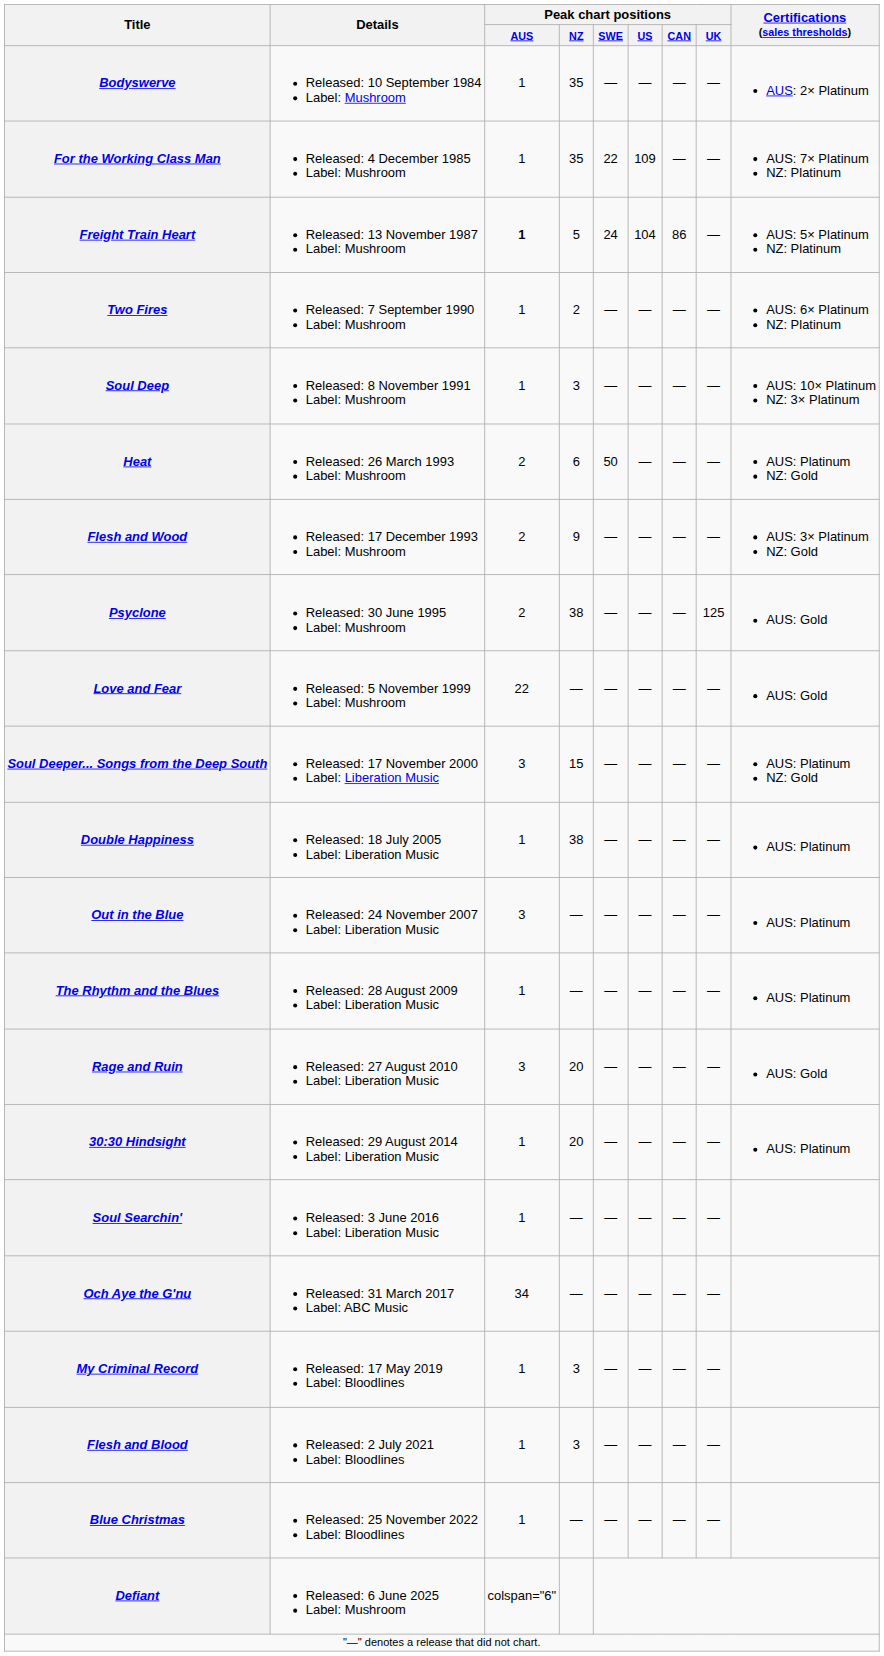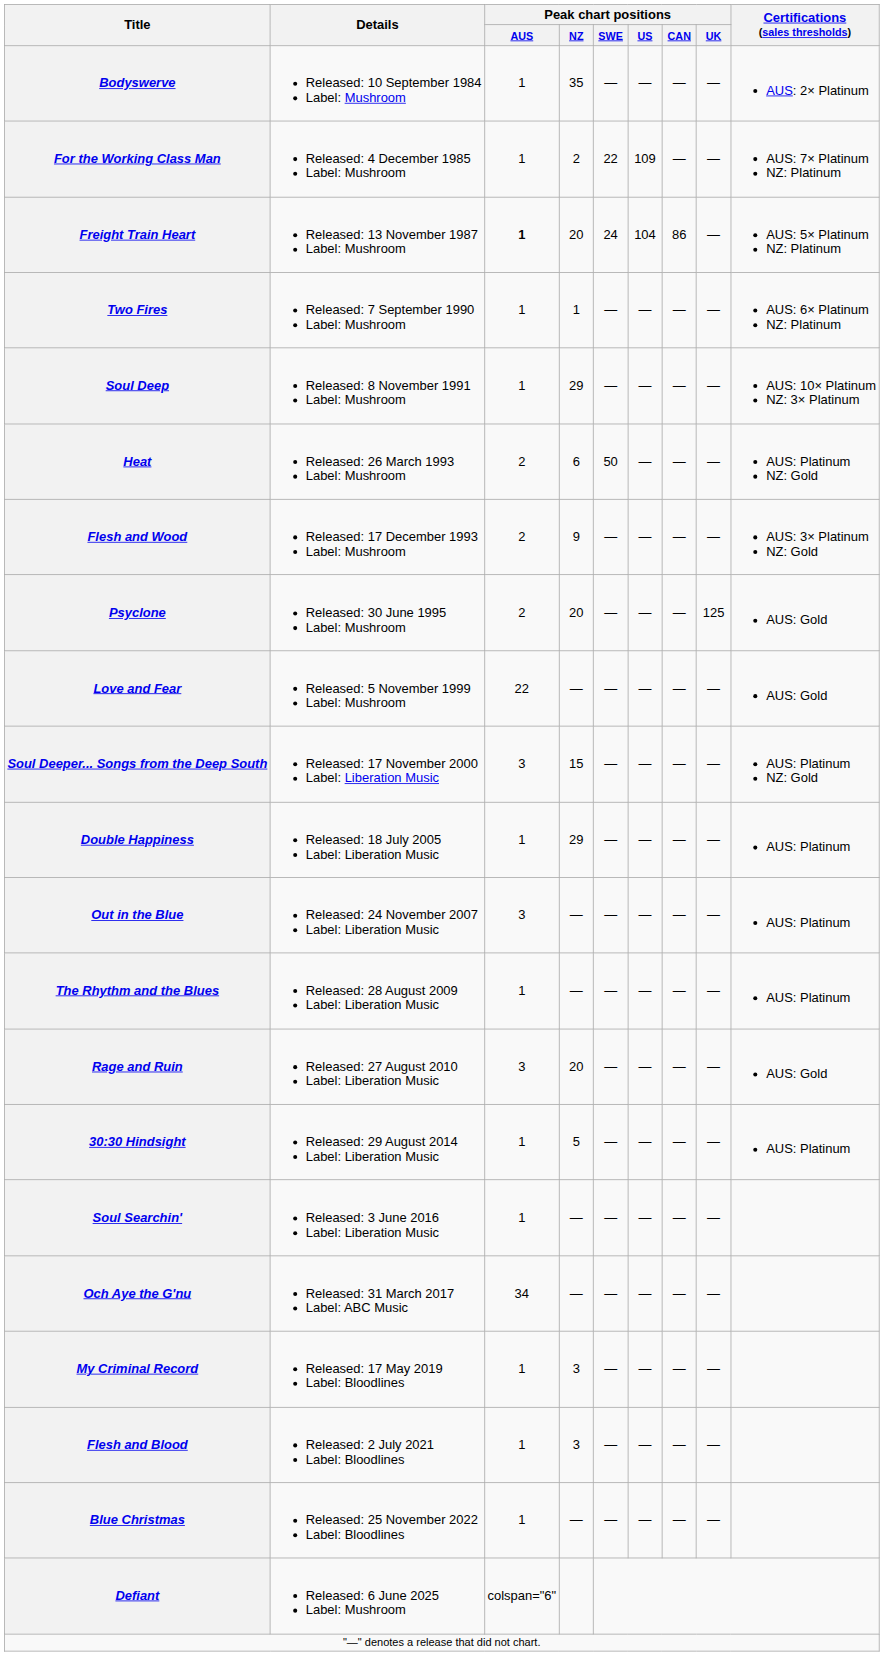 <table class="wikitable plainrowheaders">
 <tr>
 <th scope="col" rowspan="2">Title</th>
 <th scope="col" rowspan="2">Details</th>
 <th scope="col" colspan="6">Peak chart positions</th>
 <th scope="col" rowspan="2"><a href='#'>Certifications</a><br><small>(<a href='#'>sales thresholds</a>)</small></th>
 </tr>
 <tr>
 <th scope="col" width="35"><small><a href='#'>AUS</a></small><br></th>
 <th scope="col" width="35"><small><a href='#'>NZ</a></small><br></th>
 <th scope="col" width="35"><small><a href='#'>SWE</a></small><br></th>
 <th scope="col" width="35"><small><a href='#'>US</a></small><br></th>
 <th scope="col" width="35"><small><a href='#'>CAN</a></small><br></th>
 <th scope="col" width="35"><small><a href='#'>UK</a></small><br></th>
 </tr>
 <tr>
 <th scope="row"><em><a href='#'>Bodyswerve</a></em></th>
 <td><br><ul><li>Released: 10 September 1984</li><li>Label: <a href='#'>Mushroom</a></li></ul></td>
 <td align="center">1</td>
 <td align="center">35</td>
 <td align="center">—</td>
 <td align="center">—</td>
 <td align="center">—</td>
 <td align="center">—</td>
 <td><br><ul><li><a href='#'>AUS</a>: 2× Platinum</li></ul></td>
 </tr>
 <tr>
 <th scope="row"><em><a href='#'>For the Working Class Man</a></em></th>
 <td><br><ul><li>Released: 4 December 1985</li><li>Label: Mushroom</li></ul></td>
 <td align="center">1</td>
-<td align="center">35</td>
+<td align="center">2</td>
 <td align="center">22</td>
 <td align="center">109</td>
 <td align="center">—</td>
 <td align="center">—</td>
 <td><br><ul><li>AUS: 7× Platinum</li><li>NZ: Platinum</li></ul></td>
 </tr>
 <tr>
 <th scope="row"><em><a href='#'>Freight Train Heart</a></em></th>
 <td><br><ul><li>Released: 13 November 1987</li><li>Label: Mushroom</li></ul></td>
 <td align="center"><strong>1</strong></td>
-<td align="center">5</td>
+<td align="center">20</td>
 <td align="center">24</td>
 <td align="center">104</td>
 <td align="center">86</td>
 <td align="center">—</td>
 <td><br><ul><li>AUS: 5× Platinum</li><li>NZ: Platinum</li></ul></td>
 </tr>
 <tr>
 <th scope="row"><em><a href='#'>Two Fires</a></em></th>
 <td><br><ul><li>Released: 7 September 1990</li><li>Label: Mushroom</li></ul></td>
 <td align="center">1</td>
-<td align="center">2</td>
+<td align="center">1</td>
 <td align="center">—</td>
 <td align="center">—</td>
 <td align="center">—</td>
 <td align="center">—</td>
 <td><br><ul><li>AUS: 6× Platinum</li><li>NZ: Platinum</li></ul></td>
 </tr>
 <tr>
 <th scope="row"><em><a href='#'>Soul Deep</a></em></th>
 <td><br><ul><li>Released: 8 November 1991</li><li>Label: Mushroom</li></ul></td>
 <td align="center">1</td>
-<td align="center">3</td>
+<td align="center">29</td>
 <td align="center">—</td>
 <td align="center">—</td>
 <td align="center">—</td>
 <td align="center">—</td>
 <td><br><ul><li>AUS: 10× Platinum</li><li>NZ: 3× Platinum</li></ul></td>
 </tr>
 <tr>
 <th scope="row"><em><a href='#'>Heat</a></em></th>
 <td><br><ul><li>Released: 26 March 1993</li><li>Label: Mushroom</li></ul></td>
 <td align="center">2</td>
 <td align="center">6</td>
 <td align="center">50</td>
 <td align="center">—</td>
 <td align="center">—</td>
 <td align="center">—</td>
 <td><br><ul><li>AUS: Platinum</li><li>NZ: Gold</li></ul></td>
 </tr>
 <tr>
 <th scope="row"><em><a href='#'>Flesh and Wood</a></em></th>
 <td><br><ul><li>Released: 17 December 1993</li><li>Label: Mushroom</li></ul></td>
 <td align="center">2</td>
 <td align="center">9</td>
 <td align="center">—</td>
 <td align="center">—</td>
 <td align="center">—</td>
 <td align="center">—</td>
 <td><br><ul><li>AUS: 3× Platinum</li><li>NZ: Gold</li></ul></td>
 </tr>
 <tr>
 <th scope="row"><em><a href='#'>Psyclone</a></em></th>
 <td><br><ul><li>Released: 30 June 1995</li><li>Label: Mushroom</li></ul></td>
 <td align="center">2</td>
-<td align="center">38</td>
+<td align="center">20</td>
 <td align="center">—</td>
 <td align="center">—</td>
 <td align="center">—</td>
 <td align="center">125</td>
 <td><br><ul><li>AUS: Gold</li></ul></td>
 </tr>
 <tr>
 <th scope="row"><em><a href='#'>Love and Fear</a></em></th>
 <td><br><ul><li>Released: 5 November 1999</li><li>Label: Mushroom</li></ul></td>
 <td align="center">22</td>
 <td align="center">—</td>
 <td align="center">—</td>
 <td align="center">—</td>
 <td align="center">—</td>
 <td align="center">—</td>
 <td><br><ul><li>AUS: Gold</li></ul></td>
 </tr>
 <tr>
 <th scope="row"><em><a href='#'>Soul Deeper... Songs from the Deep South</a></em></th>
 <td><br><ul><li>Released: 17 November 2000</li><li>Label: <a href='#'>Liberation Music</a></li></ul></td>
 <td align="center">3</td>
 <td align="center">15</td>
 <td align="center">—</td>
 <td align="center">—</td>
 <td align="center">—</td>
 <td align="center">—</td>
 <td><br><ul><li>AUS: Platinum</li><li>NZ: Gold</li></ul></td>
 </tr>
 <tr>
 <th scope="row"><em><a href='#'>Double Happiness</a></em></th>
 <td><br><ul><li>Released: 18 July 2005</li><li>Label: Liberation Music</li></ul></td>
 <td align="center">1</td>
-<td align="center">38</td>
+<td align="center">29</td>
 <td align="center">—</td>
 <td align="center">—</td>
 <td align="center">—</td>
 <td align="center">—</td>
 <td><br><ul><li>AUS: Platinum</li></ul></td>
 </tr>
 <tr>
 <th scope="row"><em><a href='#'>Out in the Blue</a></em></th>
 <td><br><ul><li>Released: 24 November 2007</li><li>Label: Liberation Music</li></ul></td>
 <td align="center">3</td>
 <td align="center">—</td>
 <td align="center">—</td>
 <td align="center">—</td>
 <td align="center">—</td>
 <td align="center">—</td>
 <td><br><ul><li>AUS: Platinum</li></ul></td>
 </tr>
 <tr>
 <th scope="row"><em><a href='#'>The Rhythm and the Blues</a></em></th>
 <td><br><ul><li>Released: 28 August 2009</li><li>Label: Liberation Music</li></ul></td>
 <td align="center">1</td>
 <td align="center">—</td>
 <td align="center">—</td>
 <td align="center">—</td>
 <td align="center">—</td>
 <td align="center">—</td>
 <td><br><ul><li>AUS: Platinum</li></ul></td>
 </tr>
 <tr>
 <th scope="row"><em><a href='#'>Rage and Ruin</a></em></th>
 <td><br><ul><li>Released: 27 August 2010</li><li>Label: Liberation Music</li></ul></td>
 <td align="center">3</td>
 <td align="center">20</td>
 <td align="center">—</td>
 <td align="center">—</td>
 <td align="center">—</td>
 <td align="center">—</td>
 <td><br><ul><li>AUS: Gold</li></ul></td>
 </tr>
 <tr>
 <th scope="row"><em><a href='#'>30:30 Hindsight</a></em></th>
 <td><br><ul><li>Released: 29 August 2014</li><li>Label: Liberation Music</li></ul></td>
 <td align="center">1</td>
-<td align="center">20</td>
+<td align="center">5</td>
 <td align="center">—</td>
 <td align="center">—</td>
 <td align="center">—</td>
 <td align="center">—</td>
 <td><br><ul><li>AUS: Platinum</li></ul></td>
 </tr>
 <tr>
 <th scope="row"><em><a href='#'>Soul Searchin'</a></em></th>
 <td><br><ul><li>Released: 3 June 2016</li><li>Label: Liberation Music</li></ul></td>
 <td align="center">1</td>
 <td align="center">—</td>
 <td align="center">—</td>
 <td align="center">—</td>
 <td align="center">—</td>
 <td align="center">—</td>
 <td></td>
 </tr>
 <tr>
 <th scope="row"><em><a href='#'>Och Aye the G'nu</a></em><br></th>
 <td><br><ul><li>Released: 31 March 2017</li><li>Label: ABC Music</li></ul></td>
 <td align="center">34</td>
 <td align="center">—</td>
 <td align="center">—</td>
 <td align="center">—</td>
 <td align="center">—</td>
 <td align="center">—</td>
 <td></td>
 </tr>
 <tr>
 <th scope="row"><em><a href='#'>My Criminal Record</a></em></th>
 <td><br><ul><li>Released: 17 May 2019</li><li>Label: Bloodlines</li></ul></td>
 <td align="center">1</td>
 <td align="center">3</td>
 <td align="center">—</td>
 <td align="center">—</td>
 <td align="center">—</td>
 <td align="center">—</td>
 <td></td>
 </tr>
 <tr>
 <th scope="row"><em><a href='#'>Flesh and Blood</a></em></th>
 <td><br><ul><li>Released: 2 July 2021</li><li>Label: Bloodlines</li></ul></td>
 <td align="center">1</td>
 <td align="center">3</td>
 <td align="center">—</td>
 <td align="center">—</td>
 <td align="center">—</td>
 <td align="center">—</td>
 <td></td>
 </tr>
 <tr>
 <th scope="row"><em><a href='#'>Blue Christmas</a></em></th>
 <td><br><ul><li>Released: 25 November 2022</li><li>Label: Bloodlines</li></ul></td>
 <td align="center">1</td>
 <td align="center">—</td>
 <td align="center">—</td>
 <td align="center">—</td>
 <td align="center">—</td>
 <td align="center">—</td>
 <td></td>
 </tr>
 <tr>
 <th scope="row"><em><a href='#'>Defiant</a></em></th>
 <td><br><ul><li>Released: 6 June 2025</li><li>Label: Mushroom</li></ul></td>
 <td>colspan="6" </td>
 <td></td>
 </tr>
 <tr>
 <td align="center" colspan="13" style="font-size: 85%">"—" denotes a release that did not chart.</td>
 </tr>
 </table>
